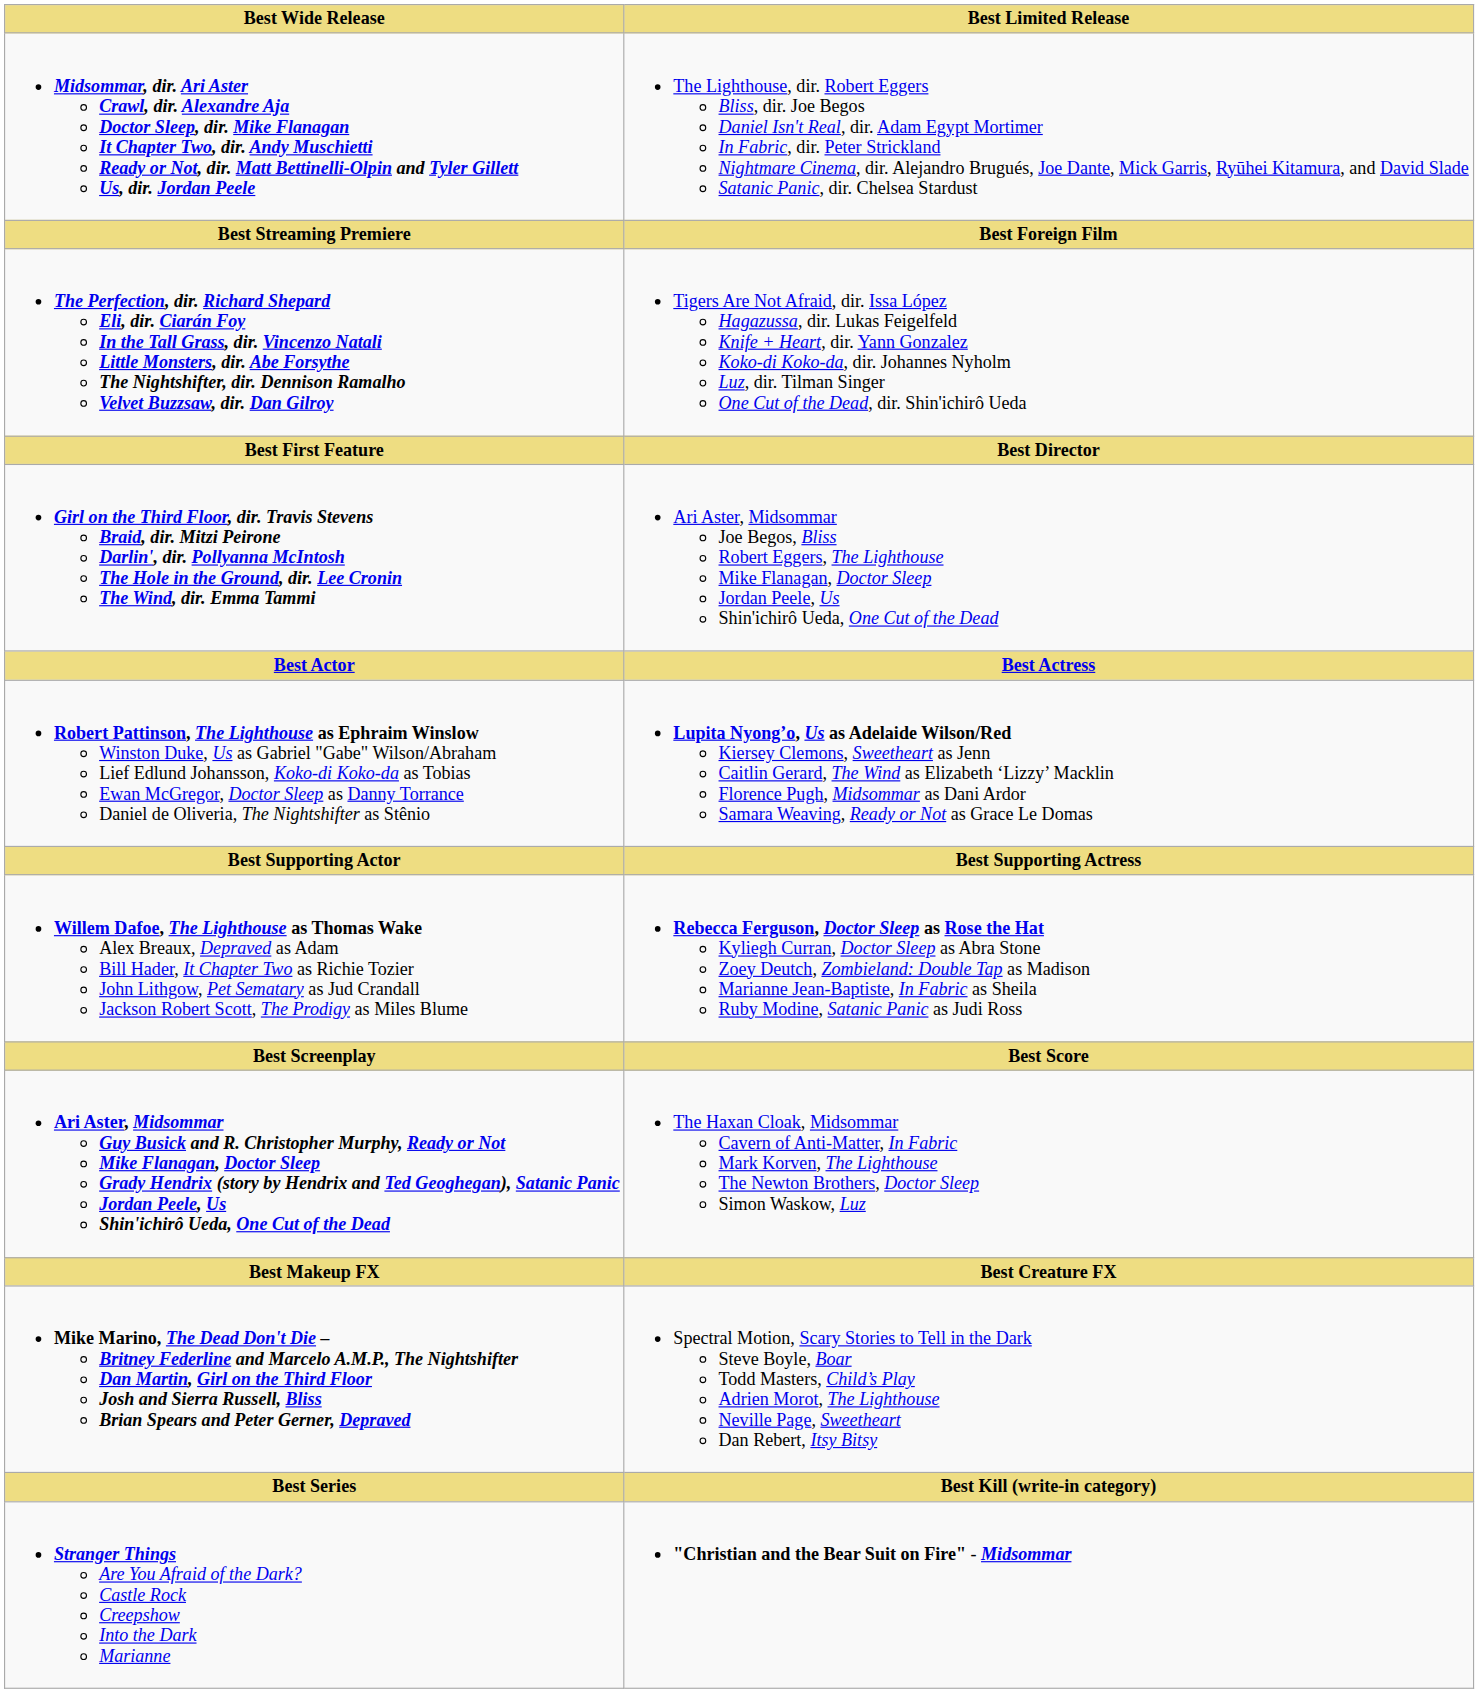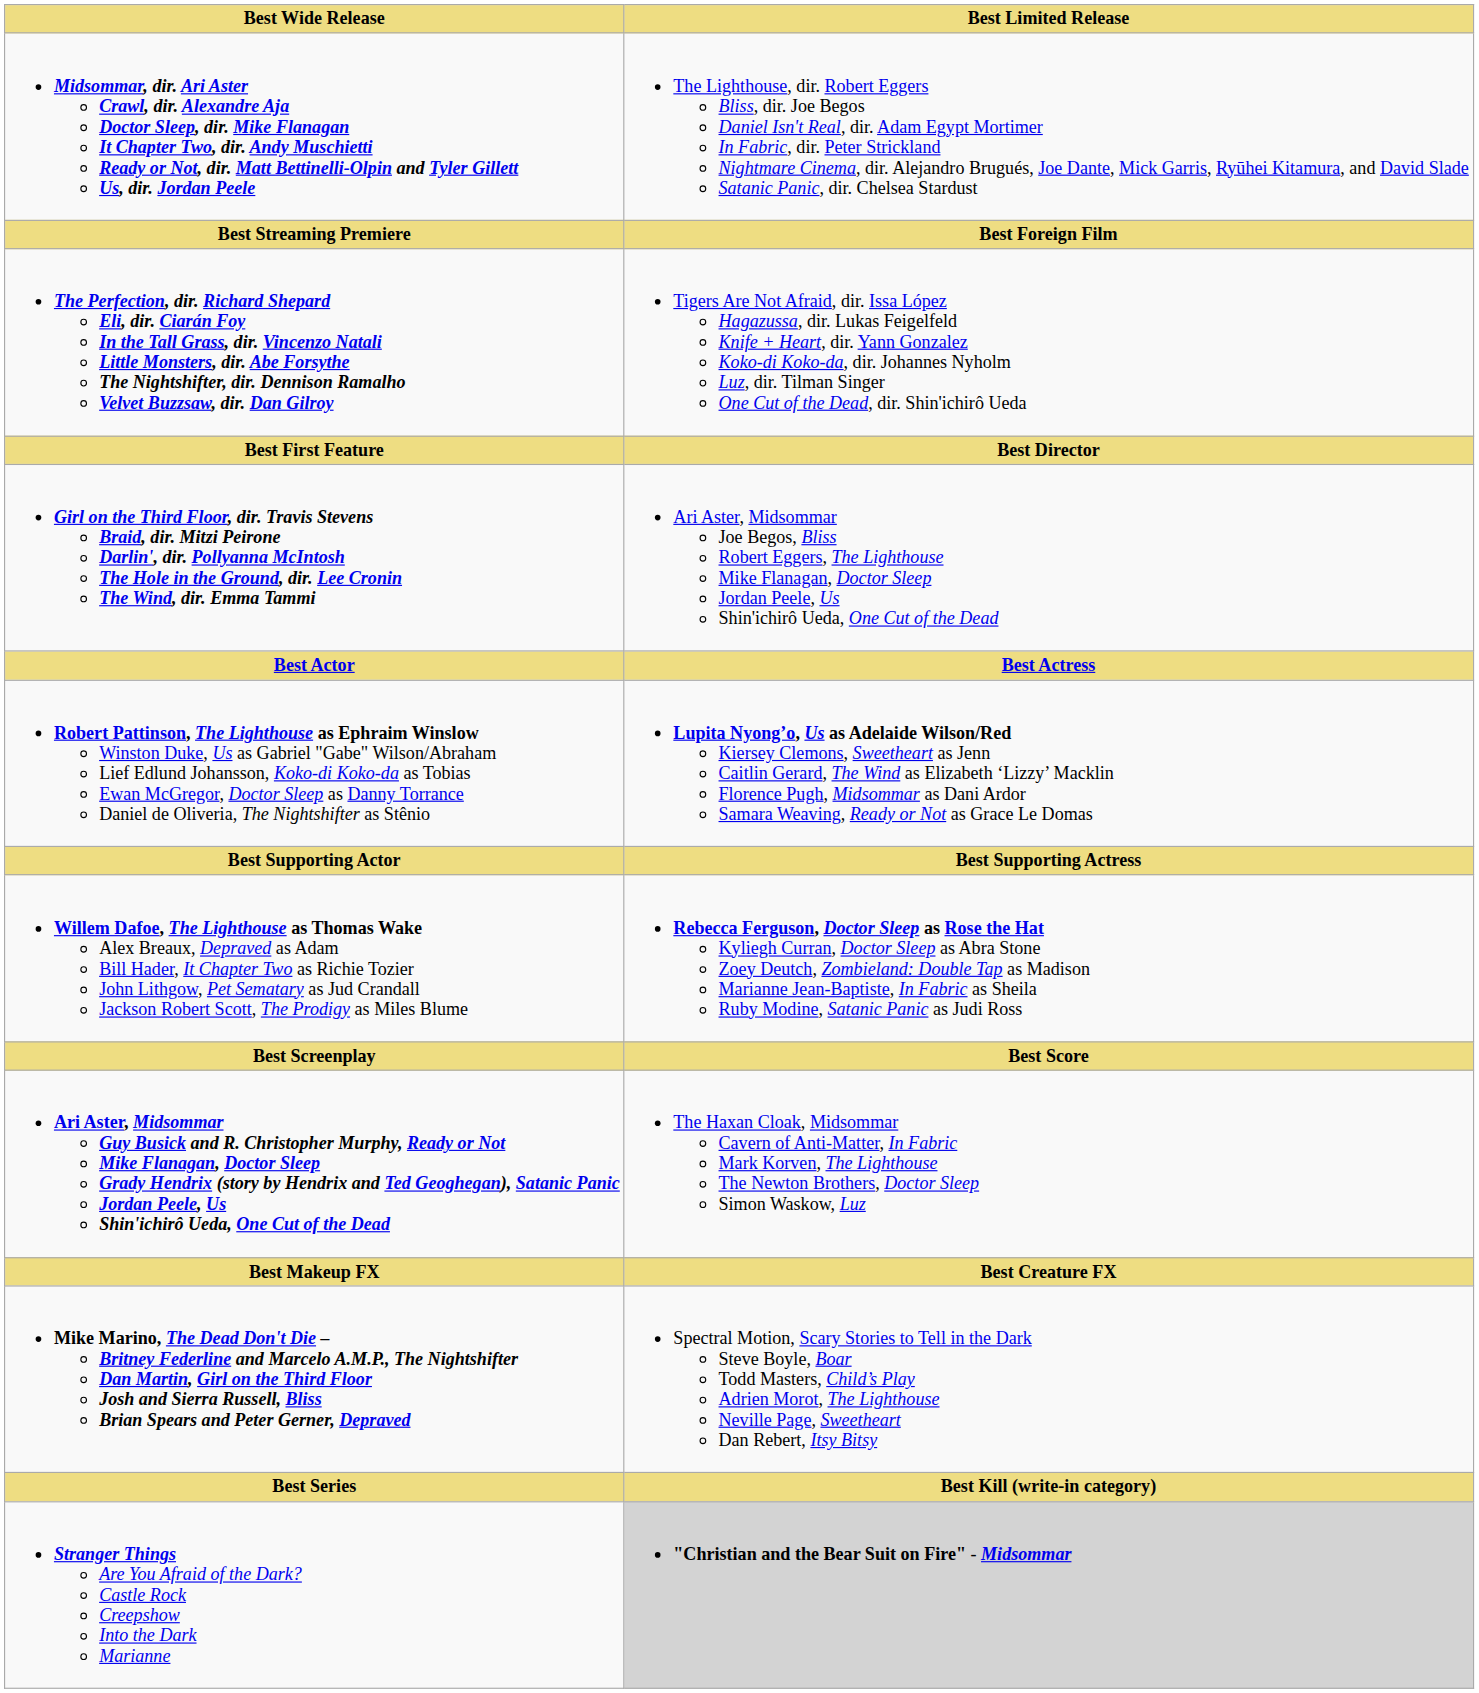 <table class=wikitable style="width="100%">
 <tr>
 <th style="background:#EEDD82">Best Wide Release</th>
 <th style="background:#EEDD82">Best Limited Release</th>
 </tr>
 <tr>
 <td valign="top"><br><ul><li><strong><em><a href='#'>Midsommar</a><em>, dir. <a href='#'>Ari Aster</a><strong><ul><li></em><a href='#'>Crawl</a><em>, dir. <a href='#'>Alexandre Aja</a></li><li></em><a href='#'>Doctor Sleep</a><em>, dir. <a href='#'>Mike Flanagan</a></li><li></em><a href='#'>It Chapter Two</a><em>, dir. <a href='#'>Andy Muschietti</a></li><li></em><a href='#'>Ready or Not</a><em>, dir. <a href='#'>Matt Bettinelli-Olpin</a> and <a href='#'>Tyler Gillett</a></li><li></em><a href='#'>Us</a><em>, dir. <a href='#'>Jordan Peele</a></li></ul></li></ul></td>
 <td valign="top"><br><ul><li></em></strong><a href='#'>The Lighthouse</a></em>, dir. <a href='#'>Robert Eggers</a></strong><ul><li><em><a href='#'>Bliss</a></em>, dir. Joe Begos</li><li><em><a href='#'>Daniel Isn't Real</a></em>, dir. <a href='#'>Adam Egypt Mortimer</a></li><li><em><a href='#'>In Fabric</a></em>, dir. <a href='#'>Peter Strickland</a></li><li><em><a href='#'>Nightmare Cinema</a></em>, dir. Alejandro Brugués, <a href='#'>Joe Dante</a>, <a href='#'>Mick Garris</a>, <a href='#'>Ryūhei Kitamura</a>, and <a href='#'>David Slade</a></li><li><em><a href='#'>Satanic Panic</a></em>, dir. Chelsea Stardust</li></ul></li></ul></td>
 </tr>
 <tr>
 <th style="background:#EEDD82">Best Streaming Premiere</th>
 <th style="background:#EEDD82">Best Foreign Film</th>
 </tr>
 <tr>
 <td valign="top"><br><ul><li><strong><em><a href='#'>The Perfection</a><em>, dir. <a href='#'>Richard Shepard</a><strong><ul><li></em><a href='#'>Eli</a><em>, dir. <a href='#'>Ciarán Foy</a></li><li></em><a href='#'>In the Tall Grass</a><em>, dir. <a href='#'>Vincenzo Natali</a></li><li></em><a href='#'>Little Monsters</a><em>, dir. <a href='#'>Abe Forsythe</a></li><li></em>The Nightshifter<em>, dir. Dennison Ramalho</li><li></em><a href='#'>Velvet Buzzsaw</a><em>, dir. <a href='#'>Dan Gilroy</a></li></ul></li></ul></td>
 <td valign="top"><br><ul><li></em></strong><a href='#'>Tigers Are Not Afraid</a></em>, dir. <a href='#'>Issa López</a></strong><ul><li><em><a href='#'>Hagazussa</a></em>, dir. Lukas Feigelfeld</li><li><em><a href='#'>Knife + Heart</a></em>, dir. <a href='#'>Yann Gonzalez</a></li><li><em><a href='#'>Koko-di Koko-da</a></em>, dir. Johannes Nyholm</li><li><em><a href='#'>Luz</a></em>, dir. Tilman Singer</li><li><em><a href='#'>One Cut of the Dead</a></em>, dir. Shin'ichirô Ueda</li></ul></li></ul></td>
 </tr>
 <tr>
 <th style="background:#EEDD82">Best First Feature</th>
 <th style="background:#EEDD82">Best Director</th>
 </tr>
 <tr>
 <td valign="top"><br><ul><li><strong><em><a href='#'>Girl on the Third Floor</a><em>, dir. Travis Stevens<strong><ul><li></em><a href='#'>Braid</a><em>, dir. Mitzi Peirone</li><li></em><a href='#'>Darlin'</a><em>, dir. <a href='#'>Pollyanna McIntosh</a></li><li></em><a href='#'>The Hole in the Ground</a><em>, dir. <a href='#'>Lee Cronin</a></li><li></em><a href='#'>The Wind</a><em>, dir. Emma Tammi</li></ul></li></ul></td>
 <td valign="top"><br><ul><li></strong><a href='#'>Ari Aster</a>, </em><a href='#'>Midsommar</a></em></strong><ul><li>Joe Begos, <em><a href='#'>Bliss</a></em></li><li><a href='#'>Robert Eggers</a>, <em><a href='#'>The Lighthouse</a></em></li><li><a href='#'>Mike Flanagan</a>, <em><a href='#'>Doctor Sleep</a></em></li><li><a href='#'>Jordan Peele</a>, <em><a href='#'>Us</a></em></li><li>Shin'ichirô Ueda, <em><a href='#'>One Cut of the Dead</a></em></li></ul></li></ul></td>
 </tr>
 <tr>
 <th style="background:#EEDD82"><a href='#'>Best Actor</a></th>
 <th style="background:#EEDD82"><a href='#'>Best Actress</a></th>
 </tr>
 <tr>
 <td valign="top"><br><ul><li><strong><a href='#'>Robert Pattinson</a>, <em><a href='#'>The Lighthouse</a></em> as Ephraim Winslow</strong><ul><li><a href='#'>Winston Duke</a>, <em><a href='#'>Us</a></em> as Gabriel "Gabe" Wilson/Abraham</li><li>Lief Edlund Johansson, <em><a href='#'>Koko-di Koko-da</a></em> as Tobias</li><li><a href='#'>Ewan McGregor</a>, <em><a href='#'>Doctor Sleep</a></em> as <a href='#'>Danny Torrance</a></li><li>Daniel de Oliveria, <em>The Nightshifter</em> as Stênio</li></ul></li></ul></td>
 <td valign="top"><br><ul><li><strong><a href='#'>Lupita Nyong’o</a>, <em><a href='#'>Us</a></em> as Adelaide Wilson/Red</strong><ul><li><a href='#'>Kiersey Clemons</a>, <em><a href='#'>Sweetheart</a></em> as Jenn</li><li><a href='#'>Caitlin Gerard</a>, <em><a href='#'>The Wind</a></em> as Elizabeth ‘Lizzy’ Macklin</li><li><a href='#'>Florence Pugh</a>, <em><a href='#'>Midsommar</a></em> as Dani Ardor</li><li><a href='#'>Samara Weaving</a>, <em><a href='#'>Ready or Not</a></em> as Grace Le Domas</li></ul></li></ul></td>
 </tr>
 <tr>
 <th style="background:#EEDD82">Best Supporting Actor</th>
 <th style="background:#EEDD82">Best Supporting Actress</th>
 </tr>
 <tr>
 <td valign="top"><br><ul><li><strong><a href='#'>Willem Dafoe</a>, <em><a href='#'>The Lighthouse</a></em> as Thomas Wake</strong><ul><li>Alex Breaux, <em><a href='#'>Depraved</a></em> as Adam</li><li><a href='#'>Bill Hader</a>, <em><a href='#'>It Chapter Two</a></em> as Richie Tozier</li><li><a href='#'>John Lithgow</a>, <em><a href='#'>Pet Sematary</a></em> as Jud Crandall</li><li><a href='#'>Jackson Robert Scott</a>, <em><a href='#'>The Prodigy</a></em> as Miles Blume</li></ul></li></ul></td>
 <td valign="top"><br><ul><li><strong><a href='#'>Rebecca Ferguson</a>, <em><a href='#'>Doctor Sleep</a></em> as <a href='#'>Rose the Hat</a></strong><ul><li><a href='#'>Kyliegh Curran</a>, <em><a href='#'>Doctor Sleep</a></em> as Abra Stone</li><li><a href='#'>Zoey Deutch</a>, <em><a href='#'>Zombieland: Double Tap</a></em> as Madison</li><li><a href='#'>Marianne Jean-Baptiste</a>, <em><a href='#'>In Fabric</a></em> as Sheila</li><li><a href='#'>Ruby Modine</a>, <em><a href='#'>Satanic Panic</a></em> as Judi Ross</li></ul></li></ul></td>
 </tr>
 <tr>
 <th style="background:#EEDD82">Best Screenplay</th>
 <th style="background:#EEDD82">Best Score</th>
 </tr>
 <tr>
 <td valign="top"><br><ul><li><strong><a href='#'>Ari Aster</a>, <em><a href='#'>Midsommar</a><strong><em><ul><li><a href='#'>Guy Busick</a> and R. Christopher Murphy, </em><a href='#'>Ready or Not</a><em></li><li><a href='#'>Mike Flanagan</a>, </em><a href='#'>Doctor Sleep</a><em></li><li><a href='#'>Grady Hendrix</a> (story by Hendrix and <a href='#'>Ted Geoghegan</a>), </em><a href='#'>Satanic Panic</a><em></li><li><a href='#'>Jordan Peele</a>, </em><a href='#'>Us</a><em></li><li>Shin'ichirô Ueda, </em><a href='#'>One Cut of the Dead</a><em></li></ul></li></ul></td>
 <td valign="top"><br><ul><li></strong><a href='#'>The Haxan Cloak</a>, </em><a href='#'>Midsommar</a></em></strong><ul><li><a href='#'>Cavern of Anti-Matter</a>, <em><a href='#'>In Fabric</a></em></li><li><a href='#'>Mark Korven</a>, <em><a href='#'>The Lighthouse</a></em></li><li><a href='#'>The Newton Brothers</a>, <em><a href='#'>Doctor Sleep</a></em></li><li>Simon Waskow, <em><a href='#'>Luz</a></em></li></ul></li></ul></td>
 </tr>
 <tr>
 <th style="background:#EEDD82">Best Makeup FX</th>
 <th style="background:#EEDD82">Best Creature FX</th>
 </tr>
 <tr>
 <td valign="top"><br><ul><li><strong>Mike Marino, <em><a href='#'>The Dead Don't Die</a><strong><em> –<ul><li><a href='#'>Britney Federline</a> and Marcelo A.M.P., </em>The Nightshifter<em></li><li><a href='#'>Dan Martin</a>, </em><a href='#'>Girl on the Third Floor</a><em></li><li>Josh and Sierra Russell, </em><a href='#'>Bliss</a><em></li><li>Brian Spears and Peter Gerner, </em><a href='#'>Depraved</a><em></li></ul></li></ul></td>
 <td valign="top"><br><ul><li></strong>Spectral Motion, </em><a href='#'>Scary Stories to Tell in the Dark</a></em></strong><ul><li>Steve Boyle, <em><a href='#'>Boar</a></em></li><li>Todd Masters, <em><a href='#'>Child’s Play</a></em></li><li><a href='#'>Adrien Morot</a>, <em><a href='#'>The Lighthouse</a></em></li><li><a href='#'>Neville Page</a>, <em><a href='#'>Sweetheart</a></em></li><li>Dan Rebert, <em><a href='#'>Itsy Bitsy</a></em></li></ul></li></ul></td>
 </tr>
 <tr>
 <th style="background:#EEDD82">Best Series</th>
 <th style="background:#EEDD82">Best Kill (write-in category)</th>
 </tr>
 <tr>
 <td valign="top"><br><ul><li><strong><em><a href='#'>Stranger Things</a></em></strong><ul><li><em><a href='#'>Are You Afraid of the Dark?</a></em></li><li><em><a href='#'>Castle Rock</a></em></li><li><em><a href='#'>Creepshow</a></em></li><li><em><a href='#'>Into the Dark</a></em></li><li><em><a href='#'>Marianne</a></em></li></ul></li></ul></td>
-<td valign="top"><br><ul><li><strong>"Christian and the Bear Suit on Fire"</strong> - <strong><em><a href='#'>Midsommar</a></em></strong></li></ul></td>
+<td valign="top" style="background: lightgrey;"><br><ul><li><strong>"Christian and the Bear Suit on Fire"</strong> - <strong><em><a href='#'>Midsommar</a></em></strong></li></ul></td>
 </tr>
 </table>
